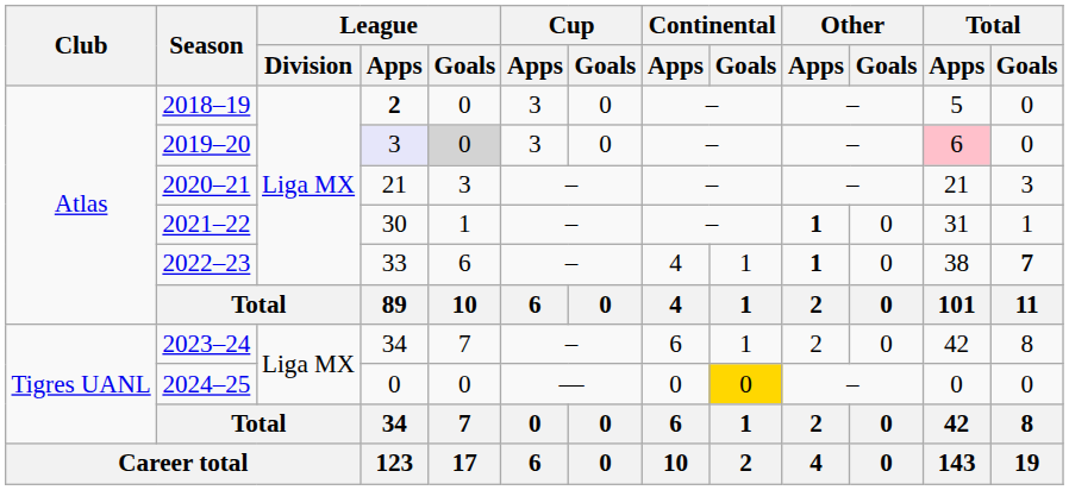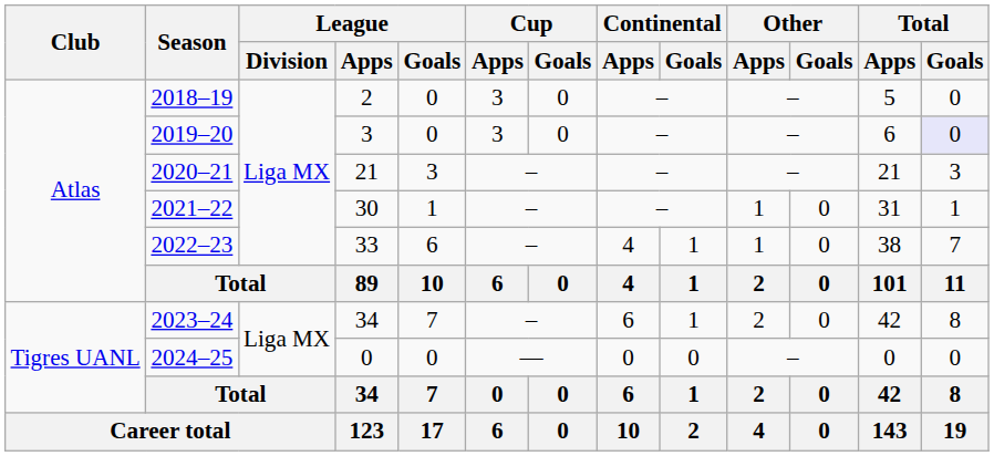 <table class="wikitable" style="text-align: center">
 <tr>
 <th rowspan="2">Club</th>
 <th rowspan="2">Season</th>
 <th colspan="3">League</th>
 <th colspan="2">Cup</th>
 <th colspan="2">Continental</th>
 <th colspan="2">Other</th>
 <th colspan="2">Total</th>
 </tr>
 <tr>
 <th>Division</th>
 <th>Apps</th>
 <th>Goals</th>
 <th>Apps</th>
 <th>Goals</th>
 <th>Apps</th>
 <th>Goals</th>
 <th>Apps</th>
 <th>Goals</th>
 <th>Apps</th>
 <th>Goals</th>
 </tr>
 <tr>
 <td rowspan="6"><a href='#'>Atlas</a></td>
 <td><a href='#'>2018–19</a></td>
 <td rowspan="5"><a href='#'>Liga MX</a></td>
-<td><strong>2</strong></td>
+<td>2</td>
 <td>0</td>
 <td>3</td>
 <td>0</td>
 <td colspan=2>–</td>
 <td colspan=2>–</td>
 <td>5</td>
 <td>0</td>
 </tr>
 <tr>
 <td><a href='#'>2019–20</a></td>
-<td style="background: lavender;">3</td>
-<td style="background: lightgrey;">0</td>
+<td>3</td>
+<td>0</td>
 <td>3</td>
 <td>0</td>
 <td colspan=2>–</td>
 <td colspan=2>–</td>
-<td style="background: pink;">6</td>
-<td>0</td>
+<td>6</td>
+<td style="background: lavender;">0</td>
 </tr>
 <tr>
 <td><a href='#'>2020–21</a></td>
 <td>21</td>
 <td>3</td>
 <td colspan=2>–</td>
 <td colspan=2>–</td>
 <td colspan=2>–</td>
 <td>21</td>
 <td>3</td>
 </tr>
 <tr>
 <td><a href='#'>2021–22</a></td>
 <td>30</td>
 <td>1</td>
 <td colspan=2>–</td>
 <td colspan=2>–</td>
-<td><strong>1</strong></td>
+<td>1</td>
 <td>0</td>
 <td>31</td>
 <td>1</td>
 </tr>
 <tr>
 <td><a href='#'>2022–23</a></td>
 <td>33</td>
 <td>6</td>
 <td colspan=2>–</td>
 <td>4</td>
 <td>1</td>
-<td><strong>1</strong></td>
+<td>1</td>
 <td>0</td>
 <td>38</td>
-<td><strong>7</strong></td>
+<td>7</td>
 </tr>
 <tr>
 <th colspan="2">Total</th>
 <th>89</th>
 <th>10</th>
 <th>6</th>
 <th>0</th>
 <th>4</th>
 <th>1</th>
 <th>2</th>
 <th>0</th>
 <th>101</th>
 <th>11</th>
 </tr>
 <tr>
 <td rowspan="3"><a href='#'>Tigres UANL</a></td>
 <td><a href='#'>2023–24</a></td>
 <td rowspan="2">Liga MX</td>
 <td>34</td>
 <td>7</td>
 <td colspan=2>–</td>
 <td>6</td>
 <td>1</td>
 <td>2</td>
 <td>0</td>
 <td>42</td>
 <td>8</td>
 </tr>
 <tr>
 <td><a href='#'>2024–25</a></td>
 <td>0</td>
 <td>0</td>
 <td colspan="2">—</td>
 <td>0</td>
-<td style="background: gold;">0</td>
+<td>0</td>
 <td colspan="2">–</td>
 <td>0</td>
 <td>0</td>
 </tr>
 <tr>
 <th colspan="2">Total</th>
 <th>34</th>
 <th>7</th>
 <th>0</th>
 <th>0</th>
 <th>6</th>
 <th>1</th>
 <th>2</th>
 <th>0</th>
 <th>42</th>
 <th>8</th>
 </tr>
 <tr>
 <th colspan="3"><strong>Career total</strong></th>
 <th>123</th>
 <th>17</th>
 <th>6</th>
 <th>0</th>
 <th>10</th>
 <th>2</th>
 <th>4</th>
 <th>0</th>
 <th>143</th>
 <th>19</th>
 </tr>
 </table>
